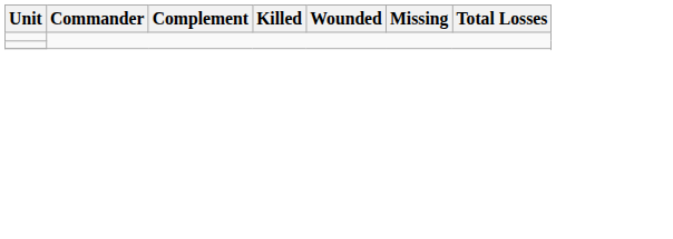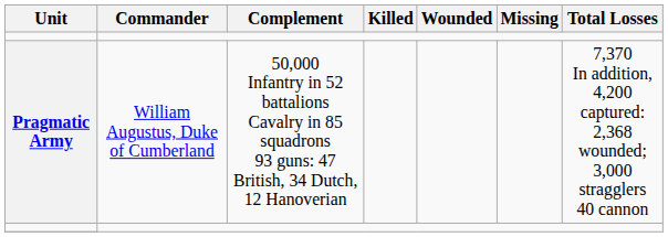 <table class="wikitable">
 <tr>
 <th>Unit</th>
 <th>Commander</th>
 <th>Complement</th>
 <th>Killed</th>
 <th>Wounded</th>
 <th>Missing</th>
 <th>Total Losses</th>
 </tr>
 <tr>
 <td align="center"></td>
 </tr>
 <tr>
+<th colspan="1" bgcolor="#f9f9f9;"><a href='#'>Pragmatic Army</a></th>
+<td align="center"><a href='#'>William Augustus, Duke of Cumberland</a></td>
+<td align="center">50,000<br> Infantry in 52 battalions<br>Cavalry in 85 squadrons<br>93 guns: 47 British, 34 Dutch, 12 Hanoverian</td>
+<td align="center"></td>
+<td align="center"></td>
+<td align="center"></td>
+<td align="center">7,370<br>In addition, 4,200 captured:<br>2,368 wounded; 3,000 stragglers<br>40 cannon</td>
+</tr>
+<tr>
 <td align="center"></td>
 </tr>
 <tr>
 </tr>
 </table>
